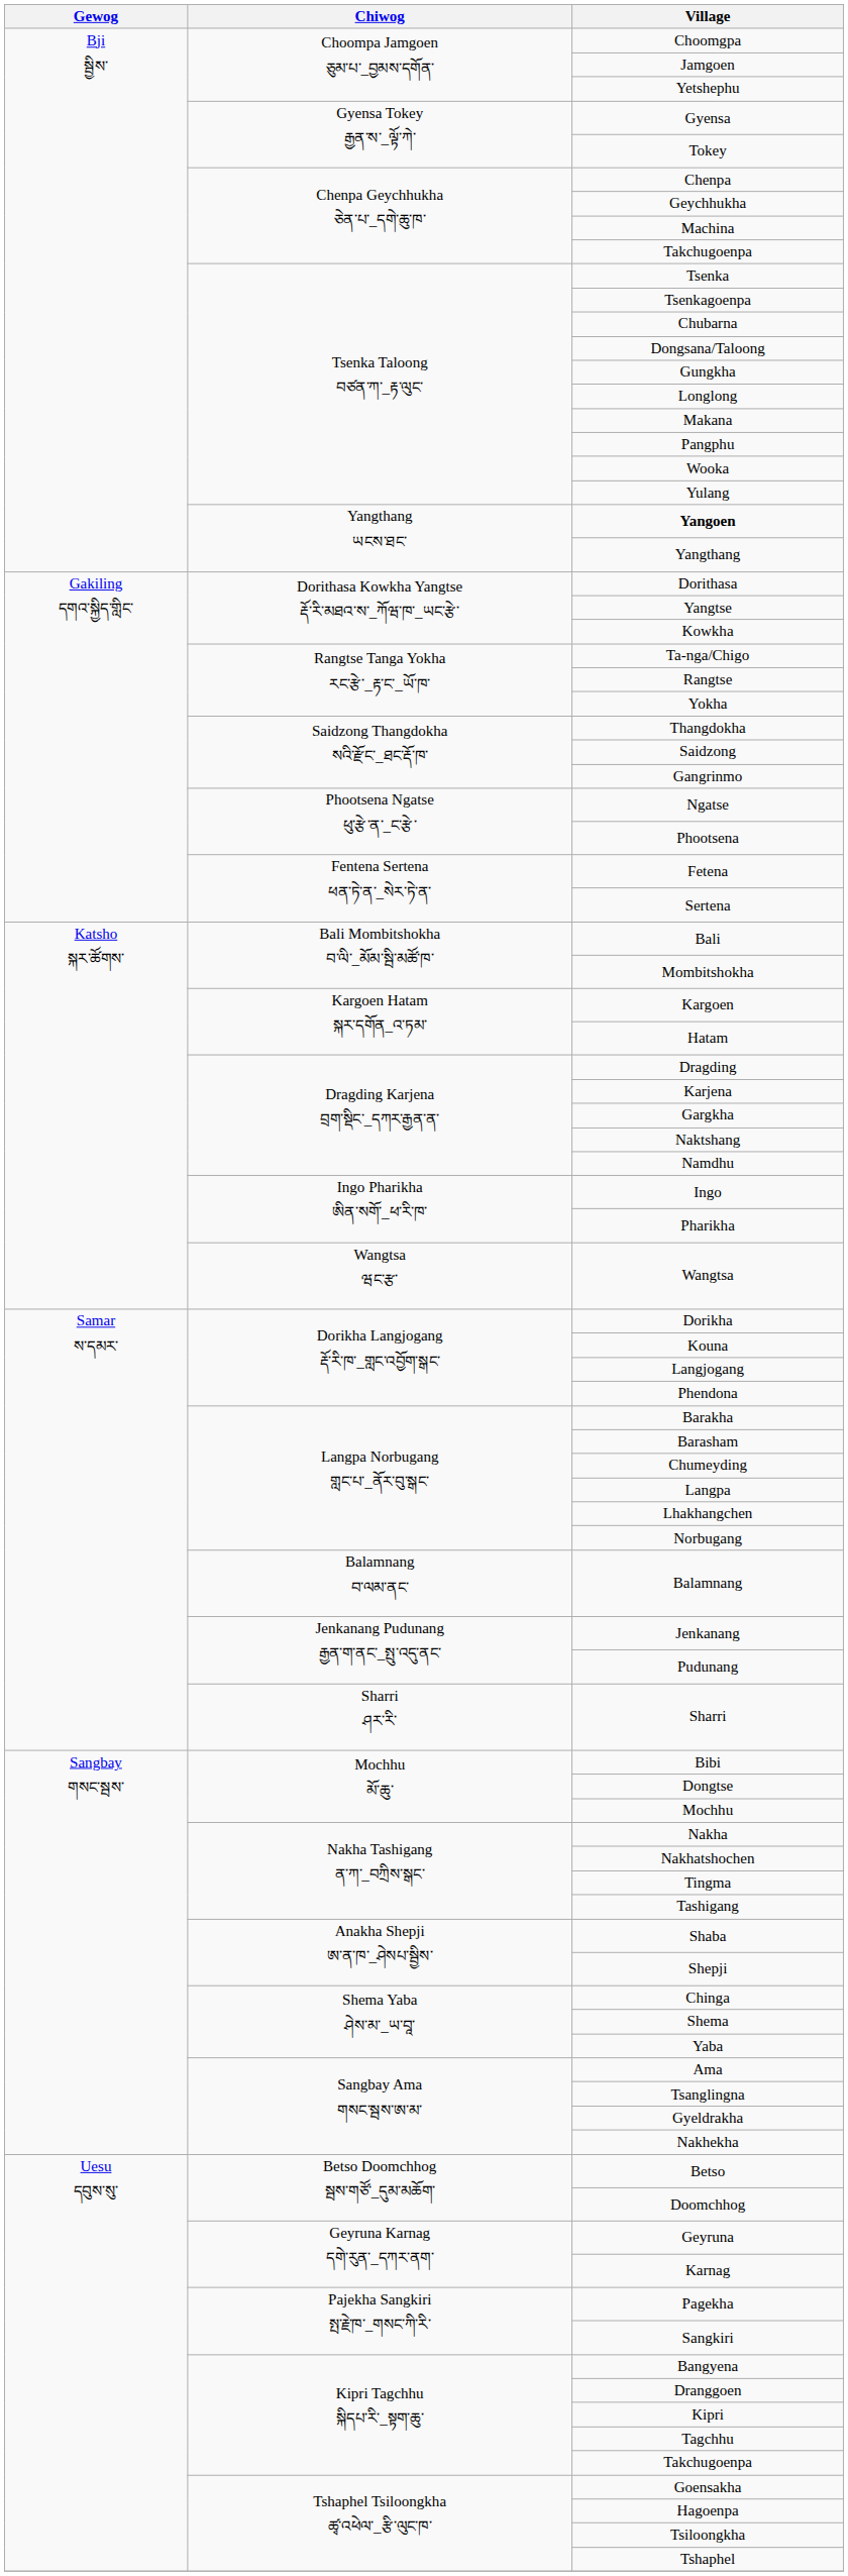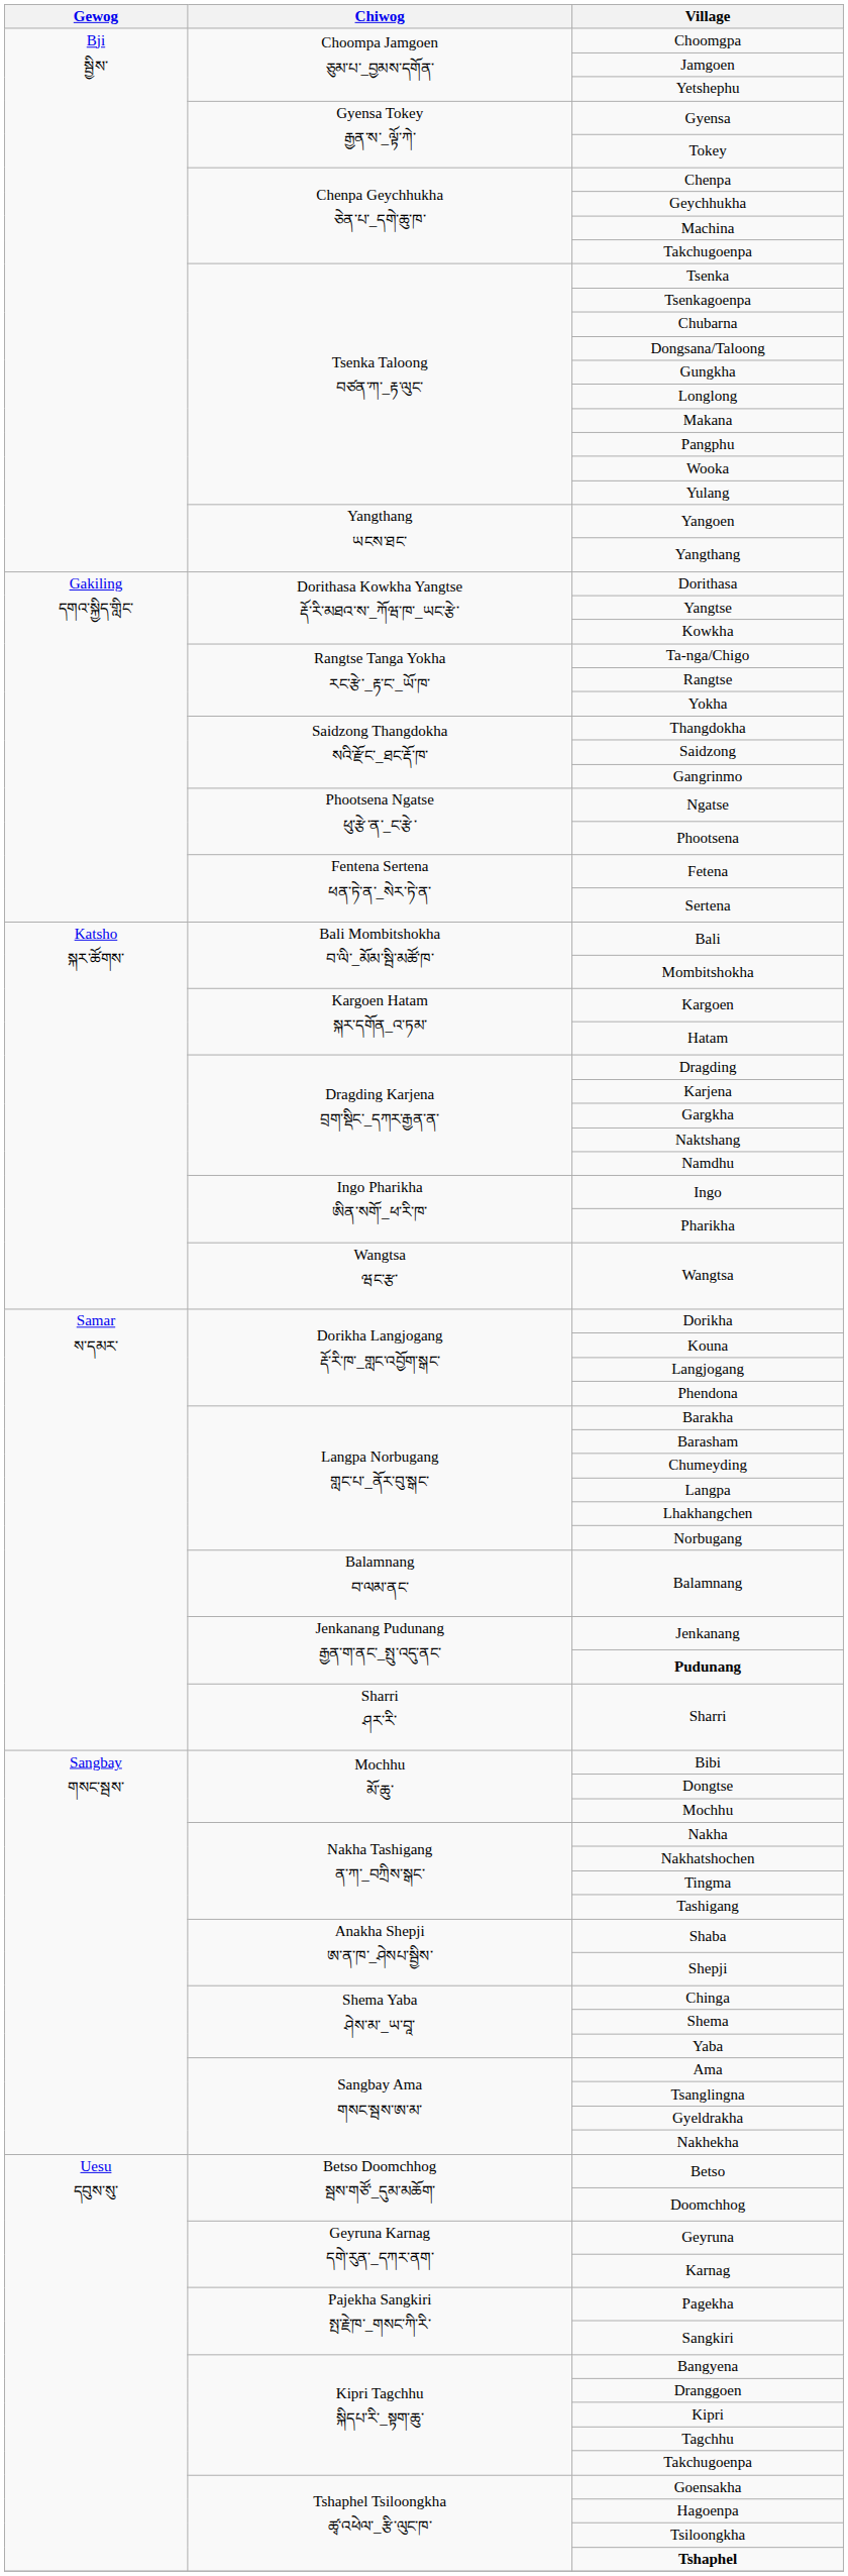 <table class="wikitable" style="width:70%; text-align:center" align="center">
 <tr>
 <th><a href='#'>Gewog</a></th>
 <th><a href='#'>Chiwog</a></th>
 <th>Village</th>
 </tr>
 <tr>
 <td rowspan=21 valign="top"><a href='#'>Bji</a><br>སྦྱིས་</td>
 <td rowspan=3>Choompa Jamgoen<br>ཅུམ་པ་_བྱམས་དགོན་</td>
 <td>Choomgpa</td>
 </tr>
 <tr>
 <td>Jamgoen</td>
 </tr>
 <tr>
 <td>Yetshephu</td>
 </tr>
 <tr>
 <td rowspan=2>Gyensa Tokey<br>རྒྱན་ས་_ལྟོ་ཀེ་</td>
 <td>Gyensa</td>
 </tr>
 <tr>
 <td>Tokey</td>
 </tr>
 <tr>
 <td rowspan=4>Chenpa Geychhukha<br>ཅེན་པ་_དགེ་ཆུ་ཁ་</td>
 <td>Chenpa</td>
 </tr>
 <tr>
 <td>Geychhukha</td>
 </tr>
 <tr>
 <td>Machina</td>
 </tr>
 <tr>
 <td>Takchugoenpa</td>
 </tr>
 <tr>
 <td rowspan=10>Tsenka Taloong<br>བཙན་ཀ་_རྟ་ལུང་</td>
 <td>Tsenka</td>
 </tr>
 <tr>
 <td>Tsenkagoenpa</td>
 </tr>
 <tr>
 <td>Chubarna</td>
 </tr>
 <tr>
 <td>Dongsana/Taloong</td>
 </tr>
 <tr>
 <td>Gungkha</td>
 </tr>
 <tr>
 <td>Longlong</td>
 </tr>
 <tr>
 <td>Makana</td>
 </tr>
 <tr>
 <td>Pangphu</td>
 </tr>
 <tr>
 <td>Wooka</td>
 </tr>
 <tr>
 <td>Yulang</td>
 </tr>
 <tr>
 <td rowspan=2>Yangthang<br>ཡངས་ཐང་</td>
-<td><strong>Yangoen</strong></td>
+<td>Yangoen</td>
 </tr>
 <tr>
 <td>Yangthang</td>
 </tr>
 <tr>
 <td rowspan=13 valign="top"><a href='#'>Gakiling</a><br>དགའ་སྐྱིད་གླིང་</td>
 <td rowspan=3>Dorithasa Kowkha Yangtse<br>རྡོ་རི་མཐའ་ས་_ཀོཝ་ཁ་_ཡང་རྩེ་</td>
 <td>Dorithasa</td>
 </tr>
 <tr>
 <td>Yangtse</td>
 </tr>
 <tr>
 <td>Kowkha</td>
 </tr>
 <tr>
 <td rowspan=3>Rangtse Tanga Yokha<br>རང་རྩེ་_རྟ་ང་_ཡོ་ཁ་</td>
 <td>Ta-nga/Chigo</td>
 </tr>
 <tr>
 <td>Rangtse</td>
 </tr>
 <tr>
 <td>Yokha</td>
 </tr>
 <tr>
 <td rowspan=3>Saidzong Thangdokha<br>སའི་རྫོང་_ཐང་རྡོ་ཁ་</td>
 <td>Thangdokha</td>
 </tr>
 <tr>
 <td>Saidzong</td>
 </tr>
 <tr>
 <td>Gangrinmo</td>
 </tr>
 <tr>
 <td rowspan=2>Phootsena Ngatse<br>ཕུ་རྩེ་ན་_ང་རྩེ་</td>
 <td>Ngatse</td>
 </tr>
 <tr>
 <td>Phootsena</td>
 </tr>
 <tr>
 <td rowspan=2>Fentena Sertena<br>ཕན་ཏེ་ན་_སེར་ཏེ་ན་</td>
 <td>Fetena</td>
 </tr>
 <tr>
 <td>Sertena</td>
 </tr>
 <tr>
 <td rowspan=12 valign="top"><a href='#'>Katsho</a><br>སྐར་ཚོགས་</td>
 <td rowspan=2>Bali Mombitshokha<br>བ་ལི་_མོམ་སྦི་མཚོ་ཁ་</td>
 <td>Bali</td>
 </tr>
 <tr>
 <td>Mombitshokha</td>
 </tr>
 <tr>
 <td rowspan=2>Kargoen Hatam<br>སྐར་དགོན_འ་ཏམ་</td>
 <td>Kargoen</td>
 </tr>
 <tr>
 <td>Hatam</td>
 </tr>
 <tr>
 <td rowspan=5>Dragding Karjena<br>བྲག་སྡིང་_དཀར་རྒྱན་ན་</td>
 <td>Dragding</td>
 </tr>
 <tr>
 <td>Karjena</td>
 </tr>
 <tr>
 <td>Gargkha</td>
 </tr>
 <tr>
 <td>Naktshang</td>
 </tr>
 <tr>
 <td>Namdhu</td>
 </tr>
 <tr>
 <td rowspan=2>Ingo Pharikha<br>ཨིན་སགོ་_ཕ་རི་ཁ་</td>
 <td>Ingo</td>
 </tr>
 <tr>
 <td>Pharikha</td>
 </tr>
 <tr>
 <td>Wangtsa<br>ཝང་རྩ་</td>
 <td>Wangtsa</td>
 </tr>
 <tr>
 <td rowspan=14 valign="top"><a href='#'>Samar</a><br>ས་དམར་</td>
 <td rowspan=4>Dorikha Langjogang<br>རྡོ་རི་ཁ་_གླང་འབྱོག་སྒང་</td>
 <td>Dorikha</td>
 </tr>
 <tr>
 <td>Kouna</td>
 </tr>
 <tr>
 <td>Langjogang</td>
 </tr>
 <tr>
 <td>Phendona</td>
 </tr>
 <tr>
 <td rowspan=6>Langpa Norbugang<br>གླང་པ་_ནོར་བུ་སྒང་</td>
 <td>Barakha</td>
 </tr>
 <tr>
 <td>Barasham</td>
 </tr>
 <tr>
 <td>Chumeyding</td>
 </tr>
 <tr>
 <td>Langpa</td>
 </tr>
 <tr>
 <td>Lhakhangchen</td>
 </tr>
 <tr>
 <td>Norbugang</td>
 </tr>
 <tr>
 <td>Balamnang<br>བ་ལམ་ནང་</td>
 <td>Balamnang</td>
 </tr>
 <tr>
 <td rowspan=2>Jenkanang Pudunang<br>རྒྱན་ག་ནང་_སྤུ་འདུ་ནང་</td>
 <td>Jenkanang</td>
 </tr>
 <tr>
-<td>Pudunang</td>
+<td><strong>Pudunang</strong></td>
 </tr>
 <tr>
 <td>Sharri<br>ཤར་རི་</td>
 <td>Sharri</td>
 </tr>
 <tr>
 <td rowspan=16 valign="top"><a href='#'>Sangbay</a><br>གསང་སྦས་</td>
 <td rowspan=3>Mochhu<br>མོ་ཆུ་</td>
 <td>Bibi</td>
 </tr>
 <tr>
 <td>Dongtse</td>
 </tr>
 <tr>
 <td>Mochhu</td>
 </tr>
 <tr>
 <td rowspan=4>Nakha Tashigang<br>ན་ཀ་_བཀྲིས་སྒང་</td>
 <td>Nakha</td>
 </tr>
 <tr>
 <td>Nakhatshochen</td>
 </tr>
 <tr>
 <td>Tingma</td>
 </tr>
 <tr>
 <td>Tashigang</td>
 </tr>
 <tr>
 <td rowspan=2>Anakha Shepji<br>ཨ་ན་ཁ་_ཤེསཔ་སྦྱིས་</td>
 <td>Shaba</td>
 </tr>
 <tr>
 <td>Shepji</td>
 </tr>
 <tr>
 <td rowspan=3>Shema Yaba<br>ཤེས་མ་_ཡ་བཱ་</td>
 <td>Chinga</td>
 </tr>
 <tr>
 <td>Shema</td>
 </tr>
 <tr>
 <td>Yaba</td>
 </tr>
 <tr>
 <td rowspan=4>Sangbay Ama<br>གསང་སྦས་ཨ་མ་</td>
 <td>Ama</td>
 </tr>
 <tr>
 <td>Tsanglingna</td>
 </tr>
 <tr>
 <td>Gyeldrakha</td>
 </tr>
 <tr>
 <td>Nakhekha</td>
 </tr>
 <tr>
 <td rowspan=15 valign="top"><a href='#'>Uesu</a><br>དབུས་སུ་</td>
 <td rowspan=2>Betso Doomchhog<br>སྦས་གཙོ་_དུམ་མཆོག་</td>
 <td>Betso</td>
 </tr>
 <tr>
 <td>Doomchhog</td>
 </tr>
 <tr>
 <td rowspan=2>Geyruna Karnag<br>དགེ་རུན་_དཀར་ནག་</td>
 <td>Geyruna</td>
 </tr>
 <tr>
 <td>Karnag</td>
 </tr>
 <tr>
 <td rowspan=2>Pajekha Sangkiri<br>སྤ་རྗེ་ཁ་_གསང་ཀི་རི་</td>
 <td>Pagekha</td>
 </tr>
 <tr>
 <td>Sangkiri</td>
 </tr>
 <tr>
 <td rowspan=5>Kipri Tagchhu<br>སྐིདཔ་རི་_སྟག་ཆུ་</td>
 <td>Bangyena</td>
 </tr>
 <tr>
 <td>Dranggoen</td>
 </tr>
 <tr>
 <td>Kipri</td>
 </tr>
 <tr>
 <td>Tagchhu</td>
 </tr>
 <tr>
 <td>Takchugoenpa</td>
 </tr>
 <tr>
 <td rowspan=4>Tshaphel Tsiloongkha<br>ཚྭ་འཕེལ་_རྩི་ལུང་ཁ་</td>
 <td>Goensakha</td>
 </tr>
 <tr>
 <td>Hagoenpa</td>
 </tr>
 <tr>
 <td>Tsiloongkha</td>
 </tr>
 <tr>
-<td>Tshaphel</td>
+<td><strong>Tshaphel</strong></td>
 </tr>
 <tr>
 </tr>
 </table>
